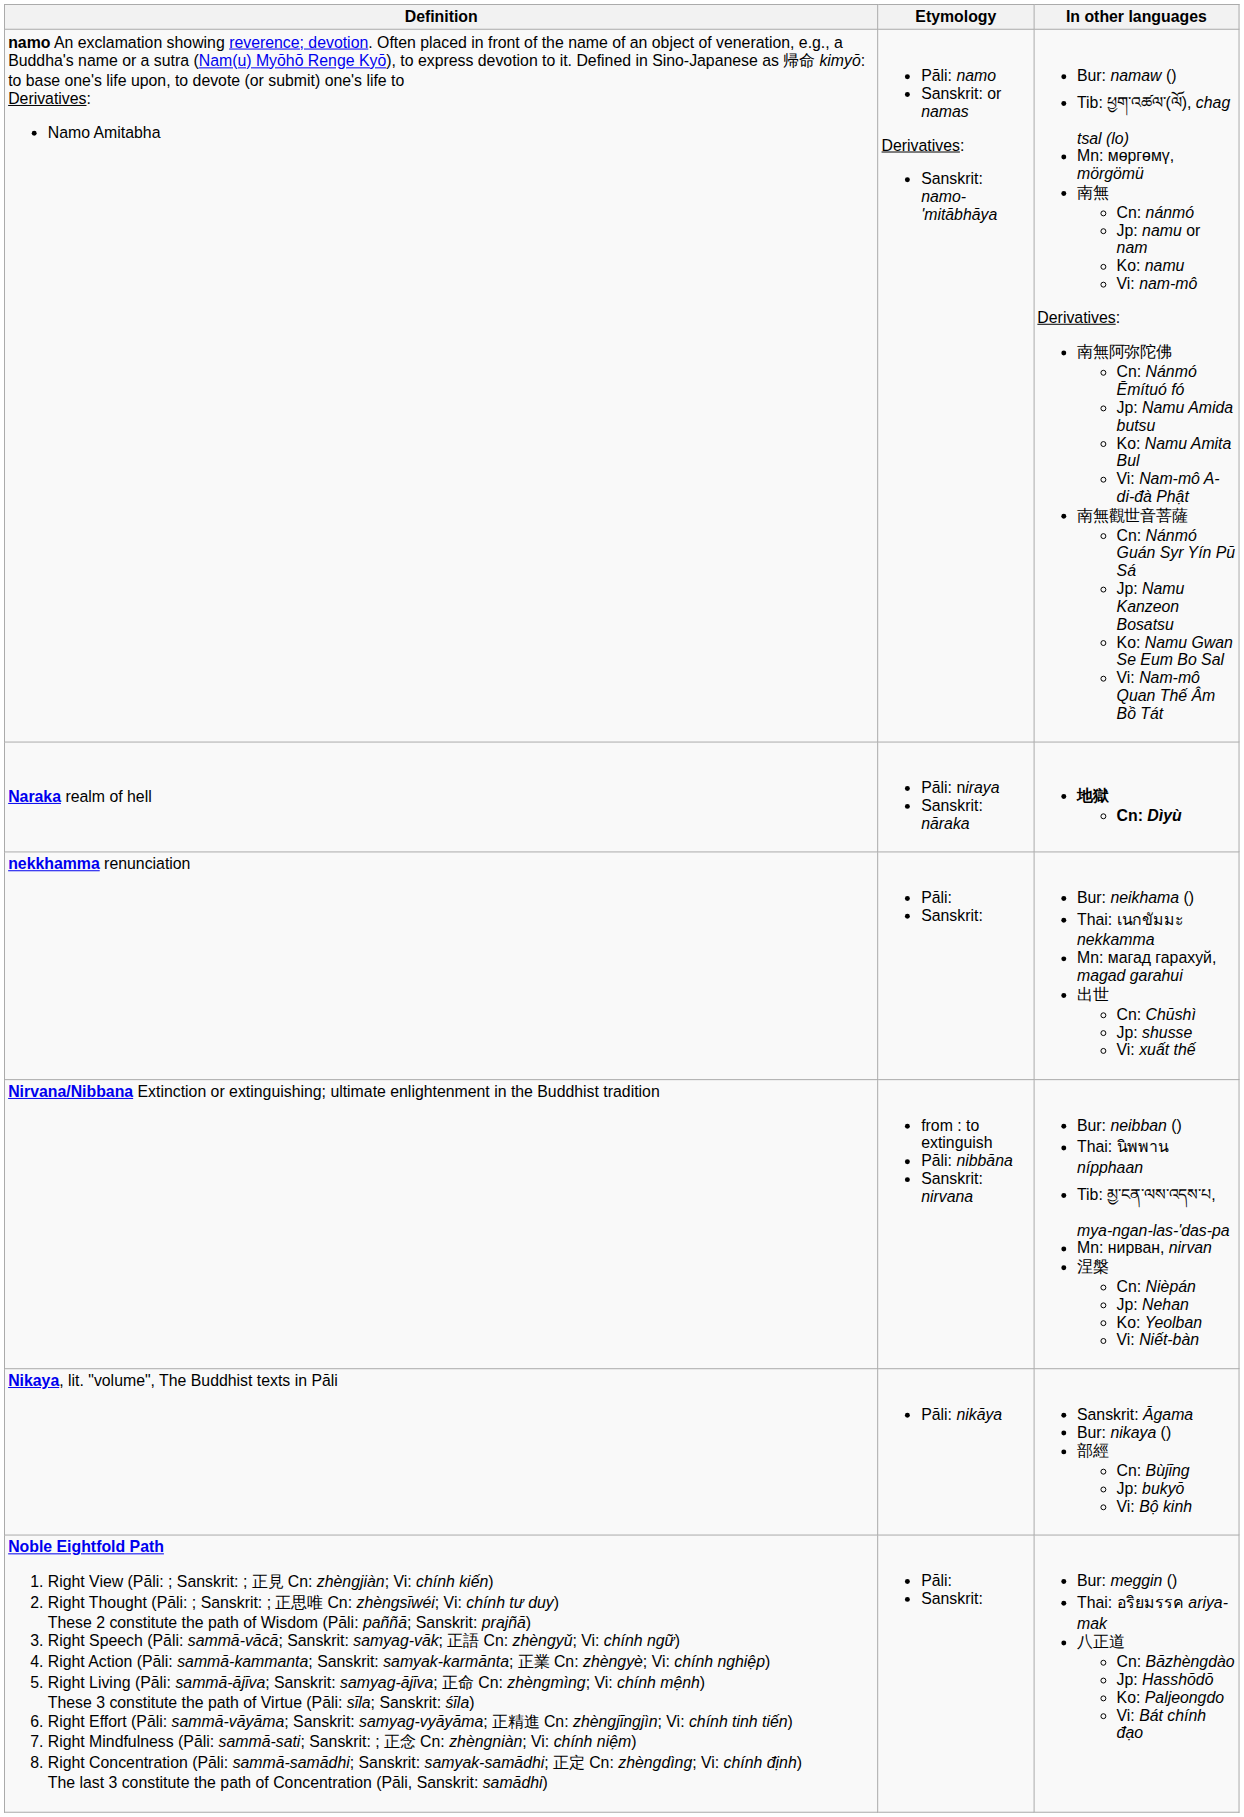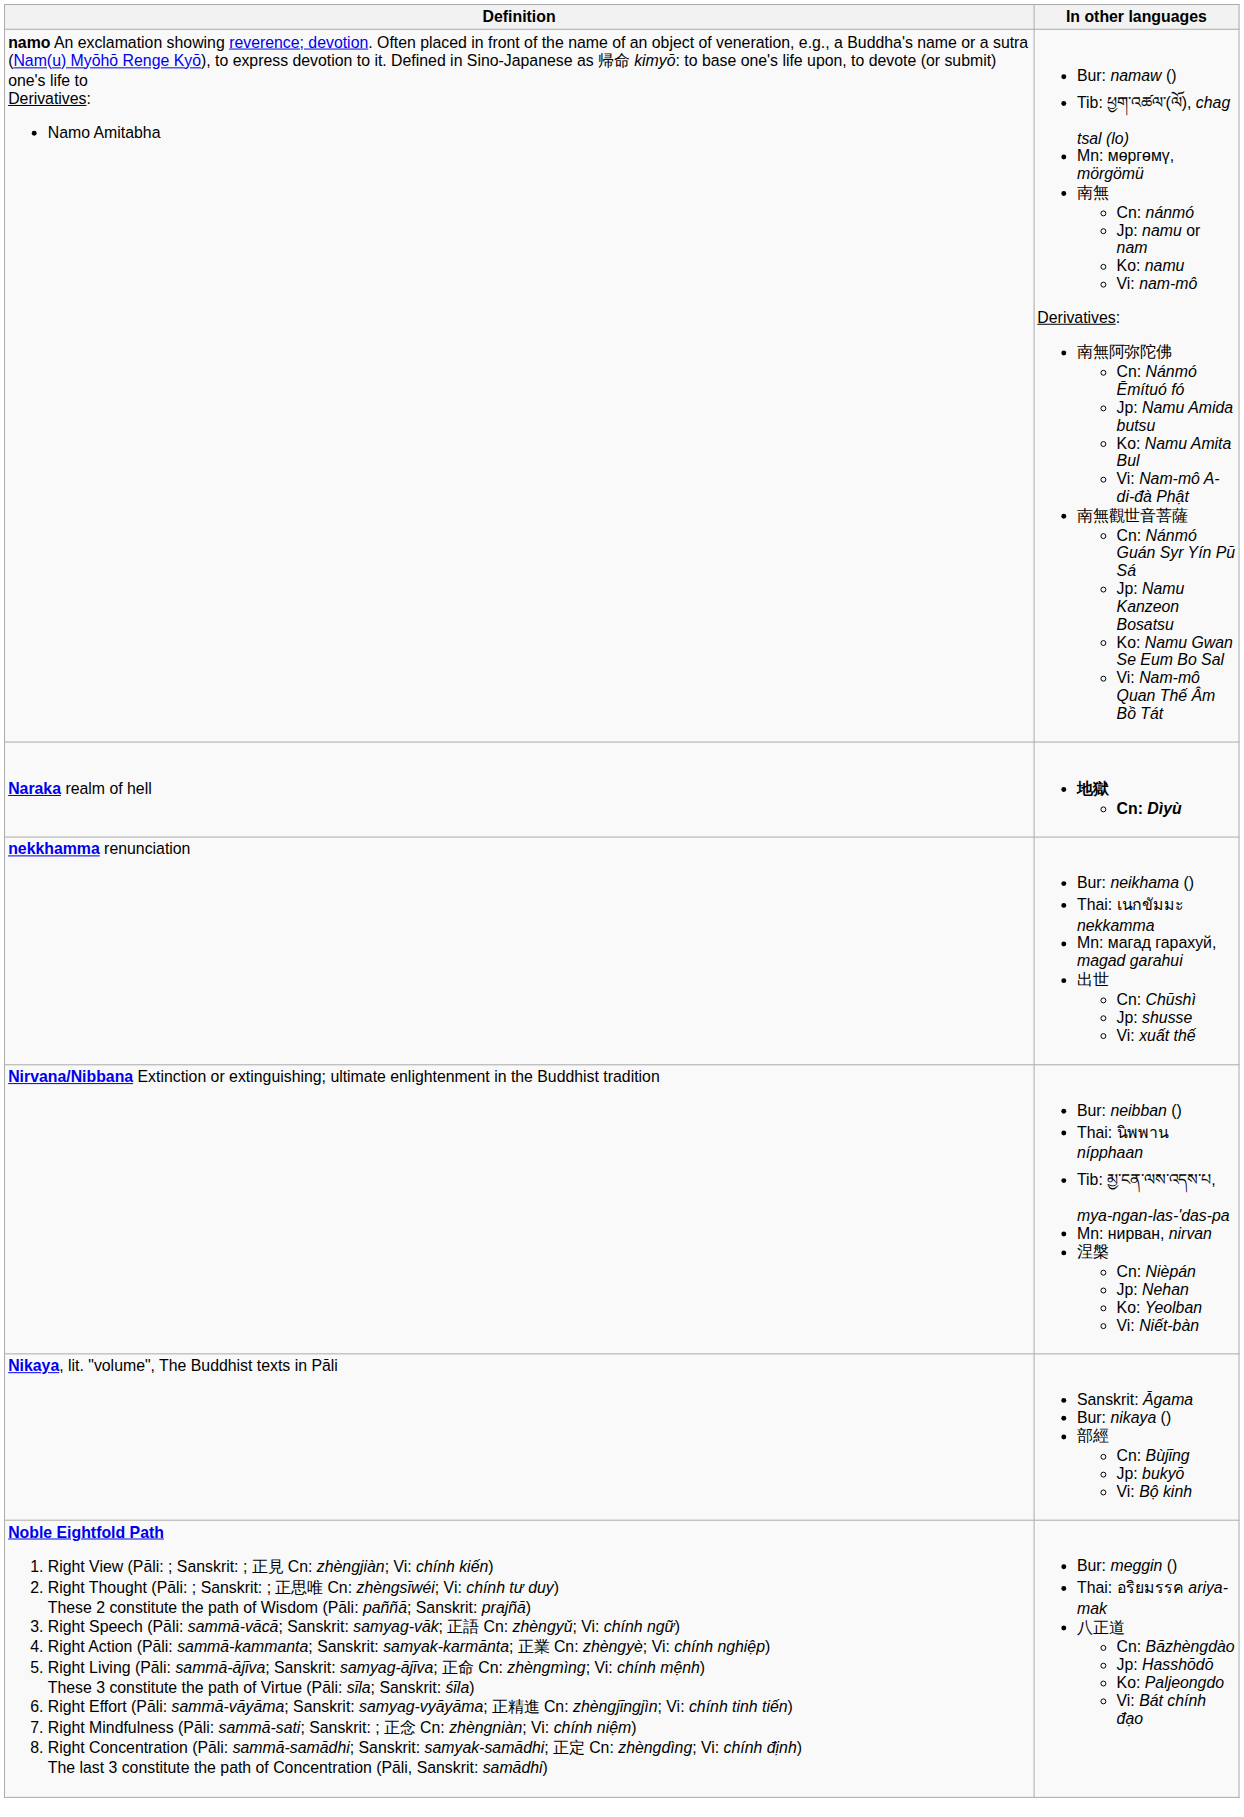 <table class="wikitable" border="1" style="border-collapse: collapse;">
 <tr>
 <th>Definition</th>
-<th>Etymology</th>
 <th>In other languages</th>
 </tr>
 <tr valign=top style="width:450px">
 <td><strong>namo</strong> An exclamation showing <a href='#'>reverence; devotion</a>. Often placed in front of the name of an object of veneration, e.g., a Buddha's name or a sutra (<a href='#'>Nam(u) Myōhō Renge Kyō</a>), to express devotion to it. Defined in Sino-Japanese as 帰命 <em>kimyō</em>: to base one's life upon, to devote (or submit) one's life to<br><u>Derivatives</u>:<ul><li>Namo Amitabha</li></ul></td>
-<td style="width:150px"><br><ul><li>Pāli: <em>namo</em></li><li>Sanskrit: <em></em> or <em>namas</em></li></ul><u>Derivatives</u>:<ul><li>Sanskrit: <em>namo-'mitābhāya</em></li></ul></td>
 <td style="width:200px"><br><ul><li>Bur:  <em>namaw</em> ()</li><li>Tib: ཕྱག་འཚལ་(ལོ), <em>chag tsal (lo)</em></li><li>Mn: мөргөмү, <em>mörgömü</em></li><li>南無<ul><li>Cn: <em>nánmó</em></li><li>Jp: <em>namu</em> or <em>nam</em></li><li>Ko: <em>namu</em></li><li>Vi: <em>nam-mô</em></li></ul></li></ul><u>Derivatives</u>:<ul><li>南無阿弥陀佛<ul><li>Cn: <em>Nánmó Ēmítuó fó</em></li><li>Jp: <em>Namu Amida butsu</em></li><li>Ko: <em> Namu Amita Bul</em></li><li>Vi: <em>Nam-mô A-di-đà Phật</em></li></ul></li><li>南無觀世音菩薩<ul><li>Cn: <em> Nánmó Guán Syr Yín Pū Sá</em></li><li>Jp: <em> Namu Kanzeon Bosatsu</em></li><li>Ko: <em> Namu Gwan Se Eum Bo Sal</em></li><li>Vi: <em> Nam-mô Quan Thế Âm Bồ Tát</em></li></ul></li></ul></td>
 </tr>
 <tr>
 <td><a href='#'><strong>Naraka</strong></a> realm of hell</td>
-<td><br><ul><li>Pāli: n<em>iraya</em></li><li>Sanskrit: <em>nāraka</em></li></ul></td>
 <td><strong><br><ul><li>地獄<ul><li>Cn: <em>Dìyù</em></li></ul></li></ul></strong></td>
 </tr>
 <tr valign=top>
 <td><strong><a href='#'>nekkhamma</a></strong> renunciation</td>
-<td><br><ul><li>Pāli: <em> </em></li><li>Sanskrit: <em> </em></li></ul></td>
 <td><br><ul><li>Bur:  <em>neikhama</em> ()</li><li>Thai: เนกขัมมะ <em>nekkamma</em></li><li>Mn: магад гарахуй, <em>magad garahui</em></li><li>出世<ul><li>Cn: <em>Chūshì</em></li><li>Jp: <em>shusse </em></li><li>Vi: <em>xuất thế</em></li></ul></li></ul></td>
 </tr>
 <tr valign=top>
 <td><strong><a href='#'>Nirvana/Nibbana</a></strong> Extinction or extinguishing; ultimate enlightenment in the Buddhist tradition</td>
-<td><br><ul><li>from <em></em>: to extinguish</li><li>Pāli: <em>nibbāna</em></li><li>Sanskrit: <em>nirvana</em></li></ul></td>
 <td><br><ul><li>Bur:  <em>neibban</em> ()</li><li>Thai: นิพพาน <em>nípphaan</em></li><li>Tib: མྱ་ངན་ལས་འདས་པ, <em>mya-ngan-las-'das-pa</em></li><li>Mn: нирван, <em>nirvan</em></li><li>涅槃<ul><li>Cn: <em>Nièpán</em></li><li>Jp: <em>Nehan</em></li><li>Ko: <em>Yeolban</em></li><li>Vi: <em>Niết-bàn</em></li></ul></li></ul></td>
 </tr>
 <tr valign=top>
 <td><strong><a href='#'>Nikaya</a></strong>, lit. "volume", The Buddhist texts in Pāli</td>
-<td><br><ul><li>Pāli: <em>nikāya</em></li></ul></td>
 <td><br><ul><li>Sanskrit: <em>Āgama</em></li><li>Bur:  <em>nikaya</em> ()</li><li>部經<ul><li>Cn: <em>Bùjīng</em></li><li>Jp: <em>bukyō</em></li><li>Vi: <em>Bộ kinh</em></li></ul></li></ul></td>
 </tr>
 <tr valign=top>
 <td><strong><a href='#'>Noble Eightfold Path</a></strong><br><ol><li>Right View (Pāli: <em></em>; Sanskrit: <em></em>; 正見 Cn: <em>zhèngjiàn</em>; Vi: <em>chính kiến</em>)</li><li>Right Thought (Pāli: <em></em>; Sanskrit: <em></em>; 正思唯 Cn: <em>zhèngsīwéi</em>; Vi: <em>chính tư duy</em>)<br>These 2 constitute the path of Wisdom (Pāli: <em>paññā</em>; Sanskrit: <em>prajñā</em>)</li><li>Right Speech (Pāli: <em>sammā-vācā</em>; Sanskrit: <em>samyag-vāk</em>; 正語 Cn: <em>zhèngyǔ</em>; Vi: <em>chính ngữ</em>)</li><li>Right Action (Pāli: <em>sammā-kammanta</em>; Sanskrit: <em>samyak-karmānta</em>; 正業 Cn: <em>zhèngyè</em>; Vi: <em>chính nghiệp</em>)</li><li>Right Living (Pāli: <em>sammā-ājīva</em>; Sanskrit: <em>samyag-ājīva</em>; 正命 Cn: <em>zhèngmìng</em>; Vi: <em>chính mệnh</em>)<br>These 3 constitute the path of Virtue (Pāli: <em>sīla</em>; Sanskrit: <em>śīla</em>)</li><li>Right Effort (Pāli: <em>sammā-vāyāma</em>; Sanskrit: <em>samyag-vyāyāma</em>; 正精進 Cn: <em>zhèngjīngjìn</em>; Vi: <em>chính tinh tiến</em>)</li><li>Right Mindfulness (Pāli: <em>sammā-sati</em>; Sanskrit: <em></em>; 正念 Cn: <em>zhèngniàn</em>; Vi: <em>chính niệm</em>)</li><li>Right Concentration (Pāli: <em>sammā-samādhi</em>; Sanskrit: <em>samyak-samādhi</em>; 正定 Cn: <em>zhèngdìng</em>; Vi: <em>chính định</em>)<br>The last 3 constitute the path of Concentration (Pāli, Sanskrit: <em>samādhi</em>)</li></ol></td>
-<td><br><ul><li>Pāli: <em></em></li><li>Sanskrit: <em></em></li></ul></td>
 <td><br><ul><li>Bur:  <em>meggin</em> ()</li><li>Thai: อริยมรรค <em>ariya-mak</em></li><li>八正道<ul><li>Cn: <em>Bāzhèngdào</em></li><li>Jp: <em>Hasshōdō</em></li><li>Ko: <em>Paljeongdo</em></li><li>Vi: <em>Bát chính đạo</em></li></ul></li></ul></td>
 </tr>
 </table>
